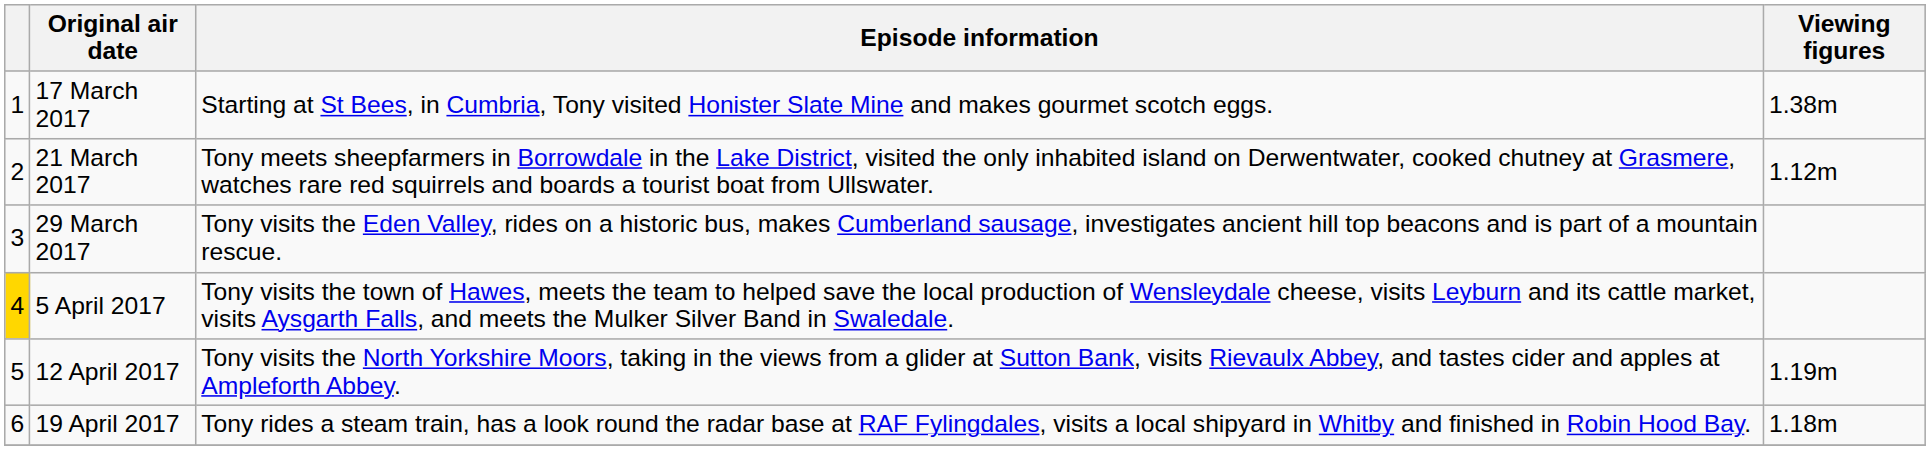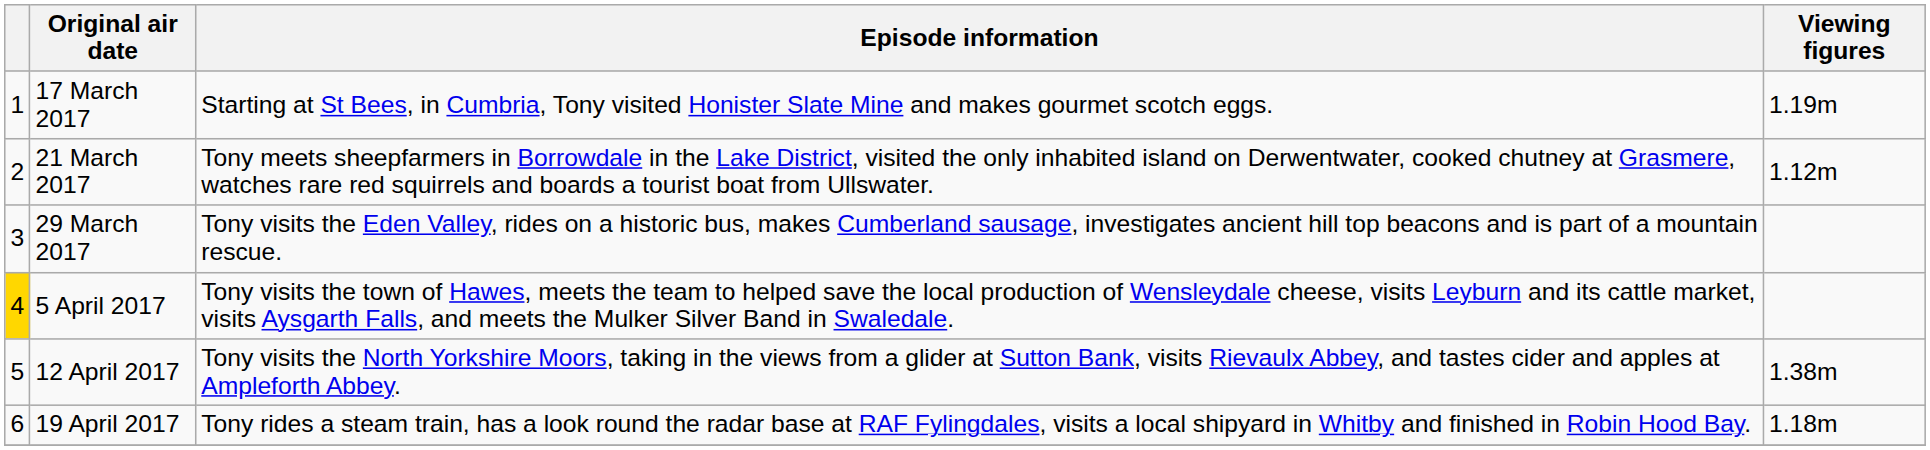 <table class="wikitable sortable">
 <tr>
 <th></th>
 <th>Original air date</th>
 <th class="unsortable">Episode information</th>
 <th>Viewing figures</th>
 </tr>
 <tr>
 <td>1</td>
 <td>17 March 2017</td>
 <td>Starting at <a href='#'>St Bees</a>, in <a href='#'>Cumbria</a>, Tony visited <a href='#'>Honister Slate Mine</a> and makes gourmet scotch eggs.</td>
-<td>1.38m</td>
+<td>1.19m</td>
 </tr>
 <tr>
 <td>2</td>
 <td>21 March 2017</td>
 <td>Tony meets sheepfarmers in <a href='#'>Borrowdale</a> in the <a href='#'>Lake District</a>, visited the only inhabited island on Derwentwater, cooked chutney at <a href='#'>Grasmere</a>, watches rare red squirrels and boards a tourist boat from Ullswater.</td>
 <td>1.12m</td>
 </tr>
 <tr>
 <td>3</td>
 <td>29 March 2017</td>
 <td>Tony visits the <a href='#'>Eden Valley</a>, rides on a historic bus, makes <a href='#'>Cumberland sausage</a>, investigates ancient hill top beacons and is part of a mountain rescue.</td>
 <td></td>
 </tr>
 <tr>
 <td style="background: gold;">4</td>
 <td>5 April 2017</td>
 <td>Tony visits the town of <a href='#'>Hawes</a>, meets the team to helped save the local production of <a href='#'>Wensleydale</a> cheese, visits <a href='#'>Leyburn</a> and its cattle market, visits <a href='#'>Aysgarth Falls</a>, and meets the Mulker Silver Band in <a href='#'>Swaledale</a>.</td>
 <td></td>
 </tr>
 <tr>
 <td>5</td>
 <td>12 April 2017</td>
 <td>Tony visits the <a href='#'>North Yorkshire Moors</a>, taking in the views from a glider at <a href='#'>Sutton Bank</a>, visits <a href='#'>Rievaulx Abbey</a>, and tastes cider and apples at <a href='#'>Ampleforth Abbey</a>.</td>
-<td>1.19m</td>
+<td>1.38m</td>
 </tr>
 <tr>
 <td>6</td>
 <td>19 April 2017</td>
 <td>Tony rides a steam train, has a look round the radar base at <a href='#'>RAF Fylingdales</a>, visits a local shipyard in <a href='#'>Whitby</a> and finished in <a href='#'>Robin Hood Bay</a>.</td>
 <td>1.18m</td>
 </tr>
 <tr>
 </tr>
 </table>
